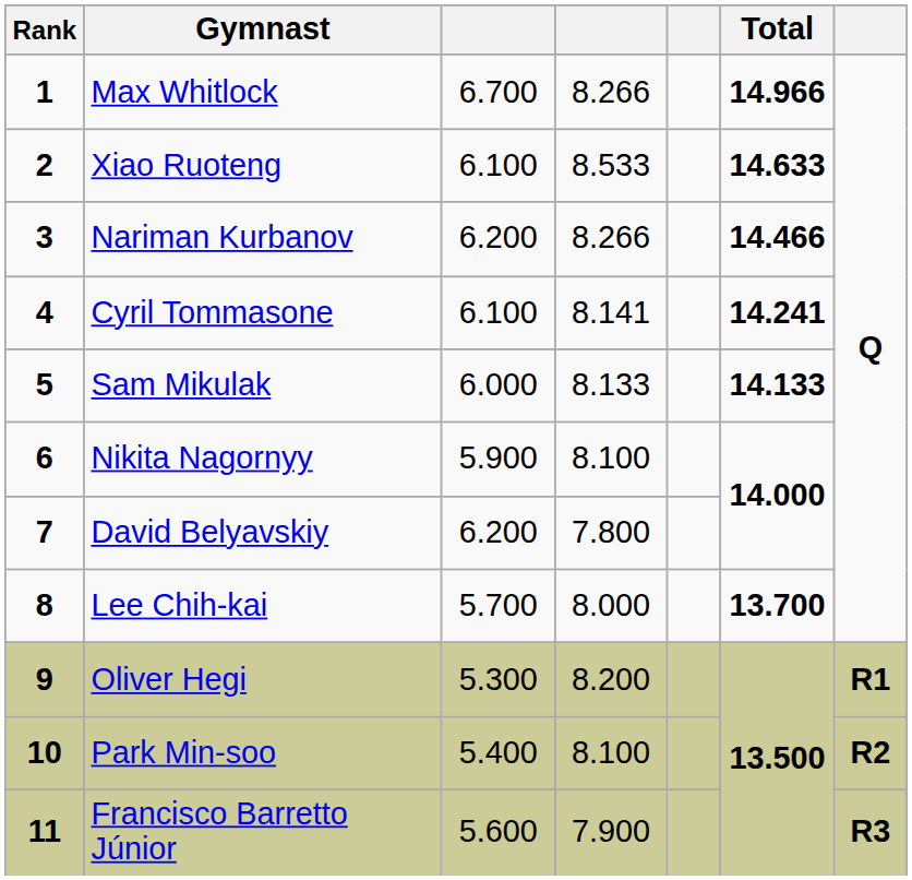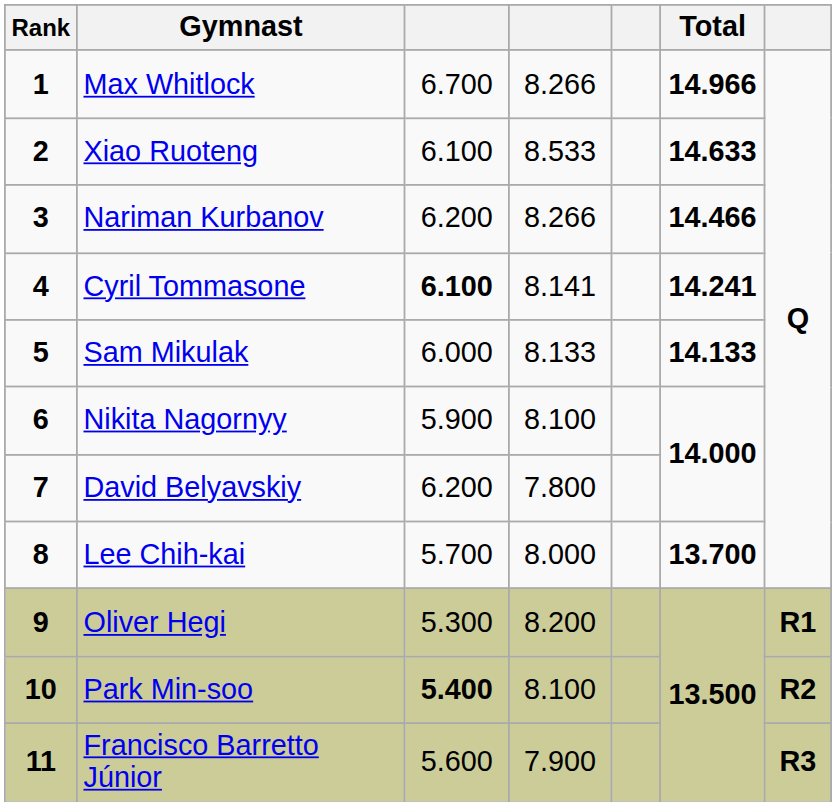 <table style="text-align:center;" class="wikitable sortable">
 <tr>
 <th scope="col" style="width:15px;"><small>Rank</small></th>
 <th scope="col" style="width:175px;">Gymnast</th>
 <th scope="col" style="width:50px;"><small></small></th>
 <th scope="col" style="width:50px;"><small></small></th>
 <th scope="col" style="width:20px;"><small></small></th>
 <th scope="col" style="width:50px;">Total</th>
 <th scope="col" style="width:30px;"><small></small></th>
 </tr>
 <tr>
 <td scope="row" style="text-align:center"><strong>1</strong></td>
 <td style="height:30px; text-align:left;"> <a href='#'>Max Whitlock</a></td>
 <td>6.700</td>
 <td>8.266</td>
 <td></td>
 <td><strong>14.966</strong></td>
 <td rowspan=8><strong>Q</strong></td>
 </tr>
 <tr>
 <td scope="row" style="text-align:center"><strong>2</strong></td>
 <td style="height:30px; text-align:left;"> <a href='#'>Xiao Ruoteng</a></td>
 <td>6.100</td>
 <td>8.533</td>
 <td></td>
 <td><strong>14.633</strong></td>
 </tr>
 <tr>
 <td scope="row" style="text-align:center"><strong>3</strong></td>
 <td style="height:30px; text-align:left;"> <a href='#'>Nariman Kurbanov</a></td>
 <td>6.200</td>
 <td>8.266</td>
 <td></td>
 <td><strong>14.466</strong></td>
 </tr>
 <tr>
 <td scope="row" style="text-align:center"><strong>4</strong></td>
 <td style="height:30px; text-align:left;"> <a href='#'>Cyril Tommasone</a></td>
-<td>6.100</td>
+<td><strong>6.100</strong></td>
 <td>8.141</td>
 <td></td>
 <td><strong>14.241</strong></td>
 </tr>
 <tr>
 <td scope="row" style="text-align:center"><strong>5</strong></td>
 <td style="height:30px; text-align:left;"> <a href='#'>Sam Mikulak</a></td>
 <td>6.000</td>
 <td>8.133</td>
 <td></td>
 <td><strong>14.133</strong></td>
 </tr>
 <tr>
 <td scope="row" style="text-align:center"><strong>6</strong></td>
 <td style="height:30px; text-align:left;"> <a href='#'>Nikita Nagornyy</a></td>
 <td>5.900</td>
 <td>8.100</td>
 <td></td>
 <td rowspan=2><strong>14.000</strong></td>
 </tr>
 <tr>
 <td scope="row" style="text-align:center"><strong>7</strong></td>
 <td style="height:30px; text-align:left;"> <a href='#'>David Belyavskiy</a></td>
 <td>6.200</td>
 <td>7.800</td>
 <td></td>
 </tr>
 <tr>
 <td scope="row" style="text-align:center"><strong>8</strong></td>
 <td style="height:30px; text-align:left;"> <a href='#'>Lee Chih-kai</a></td>
 <td>5.700</td>
 <td>8.000</td>
 <td></td>
 <td><strong>13.700</strong></td>
 </tr>
 <tr style="background:#cccc99;">
 <td scope="row" style="text-align:center"><strong>9</strong></td>
 <td style="height:30px; text-align:left;"> <a href='#'>Oliver Hegi</a></td>
 <td>5.300</td>
 <td>8.200</td>
 <td></td>
 <td rowspan=3><strong>13.500</strong></td>
 <td><strong>R1</strong></td>
 </tr>
 <tr style="background:#cccc99;">
 <td scope="row" style="text-align:center"><strong>10</strong></td>
 <td style="height:30px; text-align:left;"> <a href='#'>Park Min-soo</a></td>
-<td>5.400</td>
+<td><strong>5.400</strong></td>
 <td>8.100</td>
 <td></td>
 <td><strong>R2</strong></td>
 </tr>
 <tr style="background:#cccc99;">
 <td scope="row" style="text-align:center"><strong>11</strong></td>
 <td style="height:30px; text-align:left;"> <a href='#'>Francisco Barretto Júnior</a></td>
 <td>5.600</td>
 <td>7.900</td>
 <td></td>
 <td><strong>R3</strong></td>
 </tr>
 </table>
